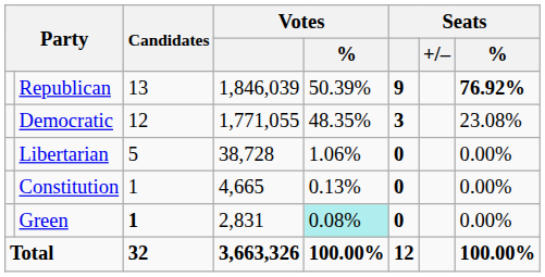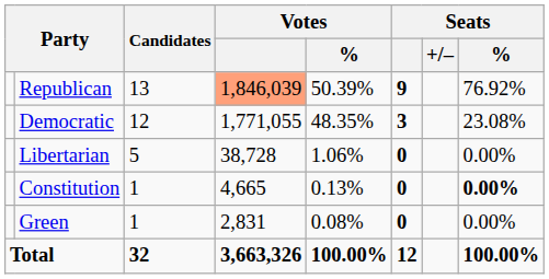 <table class="wikitable" style="font-size: 95%;">
 <tr>
 <th colspan="2" rowspan="2">Party</th>
 <th rowspan="2"><small>Candi</small><small>dates</small></th>
 <th colspan="2">Votes</th>
 <th colspan="3">Seats</th>
 </tr>
 <tr>
 <th></th>
 <th>%</th>
 <th></th>
 <th>+/–</th>
 <th>%</th>
 </tr>
 <tr>
 <td style="background:"></td>
 <td align=left><a href='#'>Republican</a></td>
 <td>13</td>
-<td>1,846,039</td>
+<td style="background: lightsalmon;">1,846,039</td>
 <td>50.39%</td>
 <td><strong>9</strong></td>
 <td></td>
-<td><strong>76.92%</strong></td>
+<td>76.92%</td>
 </tr>
 <tr>
 <td style="background:"></td>
 <td align=left><a href='#'>Democratic</a></td>
 <td>12</td>
 <td>1,771,055</td>
 <td>48.35%</td>
 <td><strong>3</strong></td>
 <td></td>
 <td>23.08%</td>
 </tr>
 <tr>
 <td style="background:"></td>
 <td align=left><a href='#'>Libertarian</a></td>
 <td>5</td>
 <td>38,728</td>
 <td>1.06%</td>
 <td><strong>0</strong></td>
 <td></td>
 <td>0.00%</td>
 </tr>
 <tr>
 <td style="background:"></td>
 <td align=left><a href='#'>Constitution</a></td>
 <td>1</td>
 <td>4,665</td>
 <td>0.13%</td>
 <td><strong>0</strong></td>
 <td></td>
-<td>0.00%</td>
+<td><strong>0.00%</strong></td>
 </tr>
 <tr>
 <td style="background:"></td>
 <td align=left><a href='#'>Green</a></td>
-<td><strong>1</strong></td>
+<td>1</td>
 <td>2,831</td>
-<td style="background: paleturquoise;">0.08%</td>
+<td>0.08%</td>
 <td><strong>0</strong></td>
 <td></td>
 <td>0.00%</td>
 </tr>
 <tr style="font-weight:bold">
 <td colspan=2 align=left>Total</td>
 <td>32</td>
 <td>3,663,326</td>
 <td>100.00%</td>
 <td>12</td>
 <td></td>
 <td>100.00%</td>
 </tr>
 </table>
